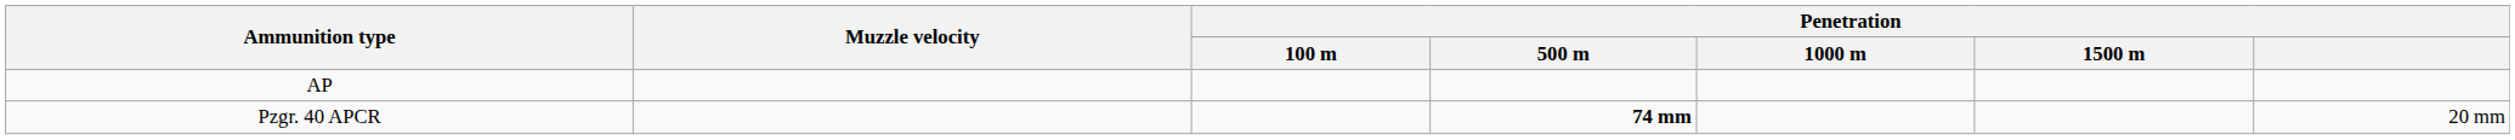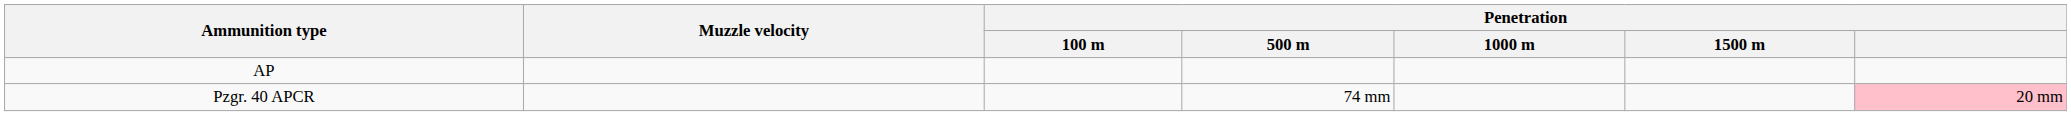 <table class="wikitable" style="text-align:right; width: 100%">
 <tr>
 <th rowspan=2>Ammunition type</th>
 <th rowspan=2>Muzzle velocity</th>
 <th colspan=10>Penetration</th>
 </tr>
 <tr>
 <th>100 m</th>
 <th>500 m</th>
 <th>1000 m</th>
 <th>1500 m</th>
 <th></th>
 </tr>
 <tr>
 <td style="text-align:center">AP</td>
 <td style="text-align:center"></td>
 <td></td>
 <td></td>
 <td></td>
 <td></td>
 <td></td>
 </tr>
 <tr>
 <td style="text-align:center">Pzgr. 40 APCR</td>
 <td style="text-align:center"></td>
 <td></td>
-<td><strong>74 mm</strong></td>
+<td>74 mm</td>
 <td></td>
 <td></td>
-<td>20 mm</td>
+<td style="background: pink;">20 mm</td>
 </tr>
 </table>
